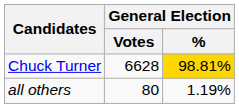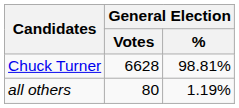 <table class=wikitable>
 <tr>
 <th colspan=1 rowspan=2><strong>Candidates</strong></th>
 <th colspan=2><strong>General Election</strong></th>
 </tr>
 <tr>
 <th>Votes</th>
 <th>%</th>
 </tr>
 <tr>
 <td><a href='#'>Chuck Turner</a></td>
 <td align="right">6628</td>
-<td align="right" style="background: gold;">98.81%</td>
+<td align="right">98.81%</td>
 </tr>
 <tr>
 <td><em>all others</em></td>
 <td align="right">80</td>
 <td align="right">1.19%</td>
 </tr>
 </table>
